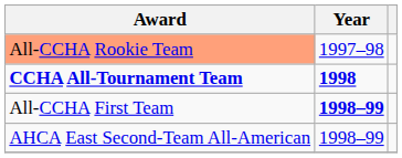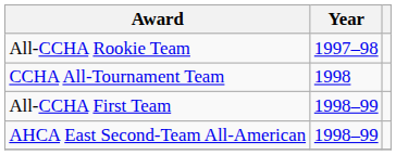 <table class="wikitable">
 <tr>
 <th>Award</th>
 <th>Year</th>
 <th></th>
 </tr>
 <tr>
-<td style="background: lightsalmon;">All-<a href='#'>CCHA</a> <a href='#'>Rookie Team</a></td>
+<td>All-<a href='#'>CCHA</a> <a href='#'>Rookie Team</a></td>
 <td><a href='#'>1997–98</a></td>
 <td></td>
 </tr>
 <tr>
-<td><strong><a href='#'>CCHA</a> <a href='#'>All-Tournament Team</a></strong></td>
-<td><strong><a href='#'>1998</a></strong></td>
+<td><a href='#'>CCHA</a> <a href='#'>All-Tournament Team</a></td>
+<td><a href='#'>1998</a></td>
 <td></td>
 </tr>
 <tr>
 <td>All-<a href='#'>CCHA</a> <a href='#'>First Team</a></td>
-<td><strong><a href='#'>1998–99</a></strong></td>
+<td><a href='#'>1998–99</a></td>
 <td></td>
 </tr>
 <tr>
 <td><a href='#'>AHCA</a> <a href='#'>East Second-Team All-American</a></td>
 <td><a href='#'>1998–99</a></td>
 <td></td>
 </tr>
 <tr>
 </tr>
 </table>
